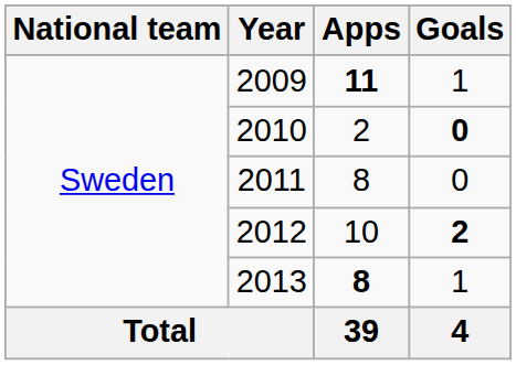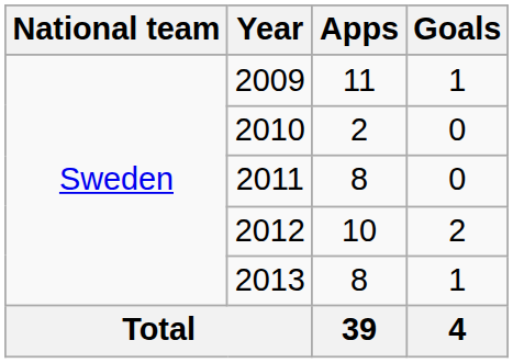 <table class=wikitable style=text-align:center>
 <tr>
 <th>National team</th>
 <th>Year</th>
 <th>Apps</th>
 <th>Goals</th>
 </tr>
 <tr>
 <td rowspan=5><a href='#'>Sweden</a></td>
 <td>2009</td>
-<td><strong>11</strong></td>
+<td>11</td>
 <td>1</td>
 </tr>
 <tr>
 <td>2010</td>
 <td>2</td>
-<td><strong>0</strong></td>
+<td>0</td>
 </tr>
 <tr>
 <td>2011</td>
 <td>8</td>
 <td>0</td>
 </tr>
 <tr>
 <td>2012</td>
 <td>10</td>
-<td><strong>2</strong></td>
+<td>2</td>
 </tr>
 <tr>
 <td>2013</td>
-<td><strong>8</strong></td>
+<td>8</td>
 <td>1</td>
 </tr>
 <tr>
 <th colspan=2>Total</th>
 <th>39</th>
 <th>4</th>
 </tr>
 </table>
